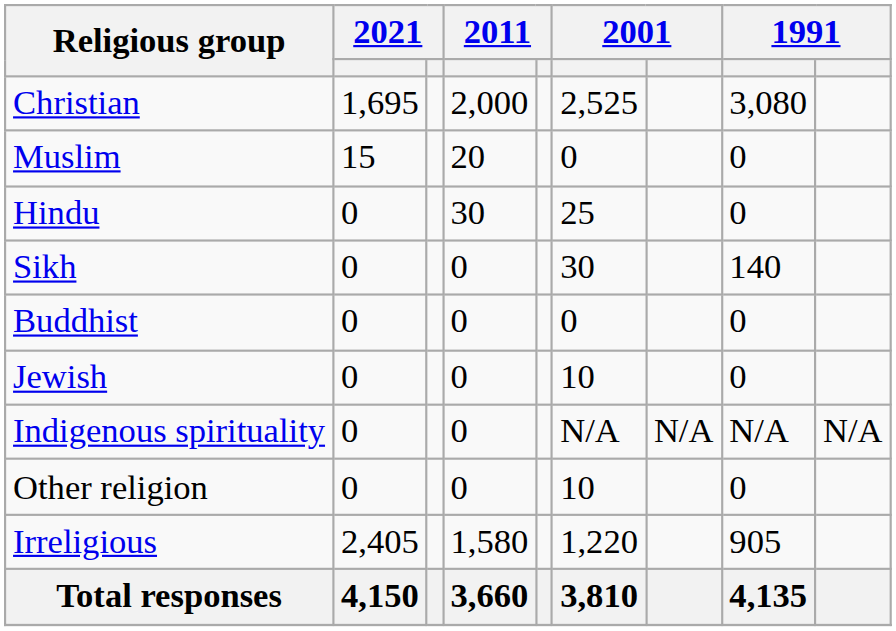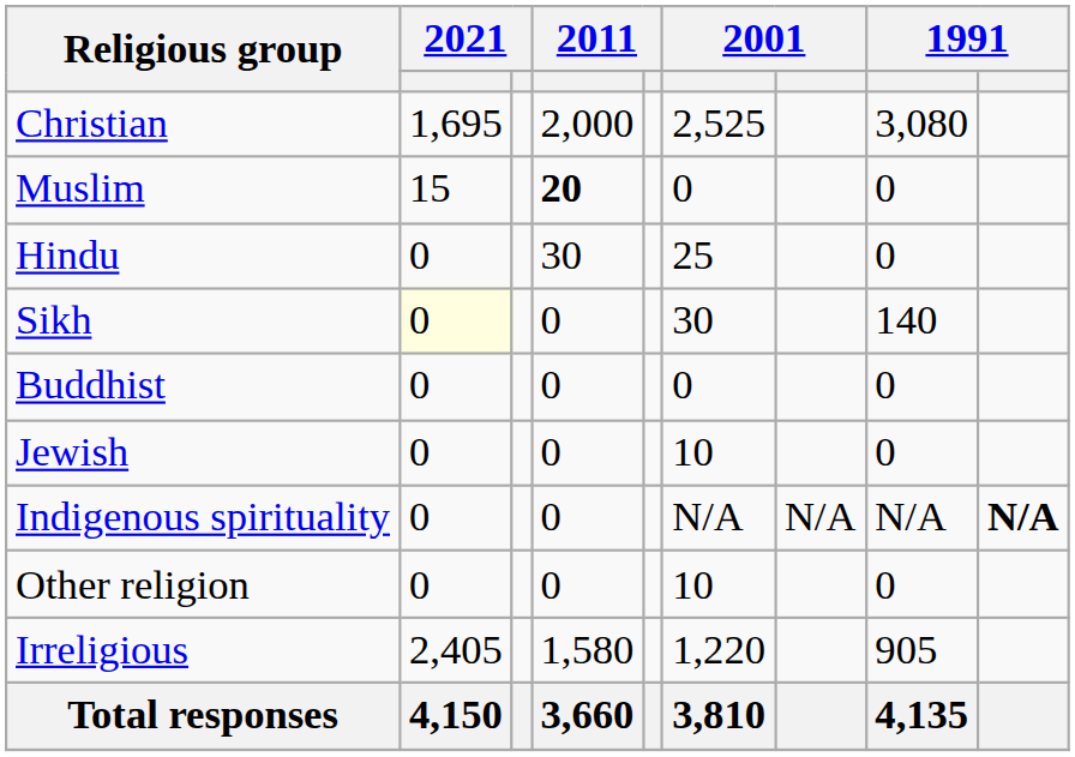 <table class="wikitable collapsible sortable">
 <tr>
 <th rowspan="2">Religious group</th>
 <th colspan="2"><a href='#'>2021</a></th>
 <th colspan="2"><a href='#'>2011</a></th>
 <th colspan="2"><a href='#'>2001</a></th>
 <th colspan="2"><a href='#'>1991</a></th>
 </tr>
 <tr>
 <th><a href='#'></a></th>
 <th></th>
 <th></th>
 <th></th>
 <th></th>
 <th></th>
 <th></th>
 <th></th>
 </tr>
 <tr>
 <td><a href='#'>Christian</a></td>
 <td>1,695</td>
 <td></td>
 <td>2,000</td>
 <td></td>
 <td>2,525</td>
 <td></td>
 <td>3,080</td>
 <td></td>
 </tr>
 <tr>
 <td><a href='#'>Muslim</a></td>
 <td>15</td>
 <td></td>
-<td>20</td>
+<td><strong>20</strong></td>
 <td></td>
 <td>0</td>
 <td></td>
 <td>0</td>
 <td></td>
 </tr>
 <tr>
 <td><a href='#'>Hindu</a></td>
 <td>0</td>
 <td></td>
 <td>30</td>
 <td></td>
 <td>25</td>
 <td></td>
 <td>0</td>
 <td></td>
 </tr>
 <tr>
 <td><a href='#'>Sikh</a></td>
-<td>0</td>
+<td style="background: lightyellow;">0</td>
 <td></td>
 <td>0</td>
 <td></td>
 <td>30</td>
 <td></td>
 <td>140</td>
 <td></td>
 </tr>
 <tr>
 <td><a href='#'>Buddhist</a></td>
 <td>0</td>
 <td></td>
 <td>0</td>
 <td></td>
 <td>0</td>
 <td></td>
 <td>0</td>
 <td></td>
 </tr>
 <tr>
 <td><a href='#'>Jewish</a></td>
 <td>0</td>
 <td></td>
 <td>0</td>
 <td></td>
 <td>10</td>
 <td></td>
 <td>0</td>
 <td></td>
 </tr>
 <tr>
 <td><a href='#'>Indigenous spirituality</a></td>
 <td>0</td>
 <td></td>
 <td>0</td>
 <td></td>
 <td>N/A</td>
 <td>N/A</td>
 <td>N/A</td>
-<td>N/A</td>
+<td><strong>N/A</strong></td>
 </tr>
 <tr>
 <td>Other religion</td>
 <td>0</td>
 <td></td>
 <td>0</td>
 <td></td>
 <td>10</td>
 <td></td>
 <td>0</td>
 <td></td>
 </tr>
 <tr>
 <td><a href='#'>Irreligious</a></td>
 <td>2,405</td>
 <td></td>
 <td>1,580</td>
 <td></td>
 <td>1,220</td>
 <td></td>
 <td>905</td>
 <td></td>
 </tr>
 <tr class="sortbottom">
 <th>Total responses</th>
 <th>4,150</th>
 <th></th>
 <th>3,660</th>
 <th></th>
 <th>3,810</th>
 <th></th>
 <th>4,135</th>
 <th></th>
 </tr>
 <tr>
 </tr>
 </table>
